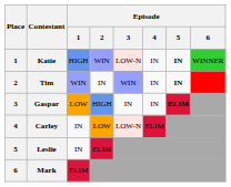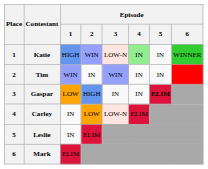 <table class="wikitable" style="text-align: center; font-size: 8pt; line-height:25px;">
 <tr>
 <th rowspan="2">Place</th>
 <th rowspan="2">Contestant</th>
 <th colspan="6">Episode</th>
 </tr>
 <tr>
 <th>1</th>
 <th>2</th>
 <th>3</th>
 <th>4</th>
 <th>5</th>
 <th>6</th>
 </tr>
 <tr>
 <th>1</th>
 <th>Katie</th>
 <td style="background:cornflowerblue;">HIGH</td>
 <td style="background:#959FFD;">WIN</td>
 <td style="background:mistyrose;">LOW-N</td>
+<td style="background: lightgreen;">IN</td>
 <td>IN</td>
-<td><strong>IN</strong></td>
 <td style="background:limegreen;">WINNER</td>
 </tr>
 <tr>
 <th>2</th>
 <th>Tim</th>
 <td style="background:#959FFD;">WIN</td>
 <td>IN</td>
 <td style="background:#959FFD;">WIN</td>
 <td>IN</td>
-<td><strong>IN</strong></td>
+<td>IN</td>
 <td style="background:red;"></td>
 </tr>
 <tr>
 <th>3</th>
 <th>Gaspar</th>
 <td style="background:orange;">LOW</td>
 <td style="background:cornflowerblue;">HIGH</td>
 <td>IN</td>
 <td>IN</td>
 <td style="background:crimson;"><strong>ELIM</strong></td>
 <td style="background:darkgrey;" colspan="1"></td>
 </tr>
 <tr>
 <th>4</th>
 <th>Carley</th>
 <td>IN</td>
 <td style="background:orange;">LOW</td>
 <td style="background:mistyrose;">LOW-N</td>
 <td style="background:crimson;">ELIM</td>
 <td style="background:darkgrey;" colspan="2"></td>
 </tr>
 <tr>
 <th>5</th>
 <th>Leslie</th>
 <td>IN</td>
 <td style="background:crimson;">ELIM</td>
 <td style="background:darkgrey;" colspan="4"></td>
 </tr>
 <tr>
 <th>6</th>
 <th>Mark</th>
 <td style="background:crimson;">ELIM</td>
 <td style="background:darkgrey;" colspan="5"></td>
 </tr>
 </table>
